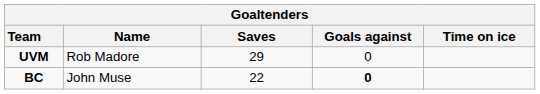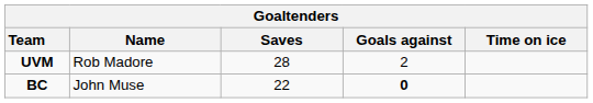 <table class="wikitable" style="width:40em; text-align:right;">
 <tr>
 <th colspan=5>Goaltenders</th>
 </tr>
 <tr>
 <th style="width:4em; text-align:left;">Team</th>
 <th style="width:10em;">Name</th>
 <th style="width:8em;">Saves</th>
 <th style="width:8em;">Goals against</th>
 <th style="width:8em;">Time on ice</th>
 </tr>
 <tr>
 <td align=center><strong>UVM</strong></td>
 <td style="text-align:left;">Rob Madore</td>
-<td align=center>29</td>
-<td align=center>0</td>
+<td align=center>28</td>
+<td align=center>2</td>
 <td align=center></td>
 </tr>
 <tr>
 <td align=center><strong>BC</strong></td>
 <td style="text-align:left;">John Muse</td>
 <td align=center>22</td>
 <td align=center><strong>0</strong></td>
 <td align=center></td>
 </tr>
 </table>
